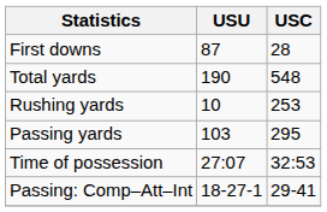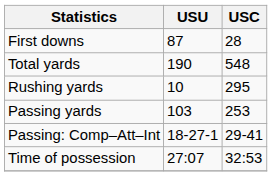 <table class="wikitable" style="float: left;">
 <tr>
 <th>Statistics</th>
 <th>USU</th>
 <th>USC</th>
 </tr>
 <tr>
 <td>First downs</td>
 <td>87</td>
 <td>28</td>
 </tr>
 <tr>
 <td>Total yards</td>
 <td>190</td>
 <td>548</td>
 </tr>
 <tr>
 <td>Rushing yards</td>
 <td>10</td>
-<td>253</td>
+<td>295</td>
 </tr>
 <tr>
 <td>Passing yards</td>
 <td>103</td>
-<td>295</td>
+<td>253</td>
+</tr>
+<tr>
+<td>Passing: Comp–Att–Int</td>
+<td>18-27-1</td>
+<td>29-41</td>
 </tr>
 <tr>
 <td>Time of possession</td>
 <td>27:07</td>
 <td>32:53</td>
 </tr>
 <tr>
-<td>Passing: Comp–Att–Int</td>
-<td>18-27-1</td>
-<td>29-41</td>
-</tr>
-<tr>
 </tr>
 </table>
